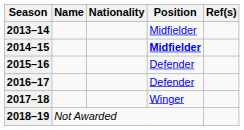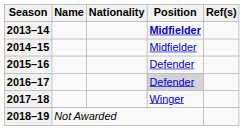 <table class="wikitable plainrowheaders sortable">
 <tr>
 <th scope="col">Season</th>
 <th scope="col">Name</th>
 <th scope="col">Nationality</th>
 <th scope="col">Position</th>
 <th scope="col" class="unsortable">Ref(s)</th>
 </tr>
 <tr>
 <th scope="row" style="text-align:center">2013–14</th>
 <td></td>
 <td></td>
-<td><a href='#'>Midfielder</a></td>
+<td><strong><a href='#'>Midfielder</a></strong></td>
 <td></td>
 </tr>
 <tr>
 <th scope="row" style="text-align:center">2014–15</th>
 <td></td>
 <td></td>
-<td><strong><a href='#'>Midfielder</a></strong></td>
+<td><a href='#'>Midfielder</a></td>
 <td></td>
 </tr>
 <tr>
 <th scope="row" style="text-align:center">2015–16</th>
 <td></td>
 <td></td>
 <td><a href='#'>Defender</a></td>
 <td></td>
 </tr>
 <tr>
 <th scope="row" style="text-align:center">2016–17</th>
 <td><strong></strong></td>
 <td></td>
-<td><a href='#'>Defender</a></td>
+<td style="background: lightgrey;"><a href='#'>Defender</a></td>
 <td></td>
 </tr>
 <tr>
 <th scope="row" style="text-align:center">2017–18</th>
 <td></td>
 <td></td>
 <td><a href='#'>Winger</a></td>
 <td></td>
 </tr>
 <tr>
 <th scope="row" style="text-align:center">2018–19</th>
 <td colspan="3"><em>Not Awarded</em></td>
 </tr>
 </table>
